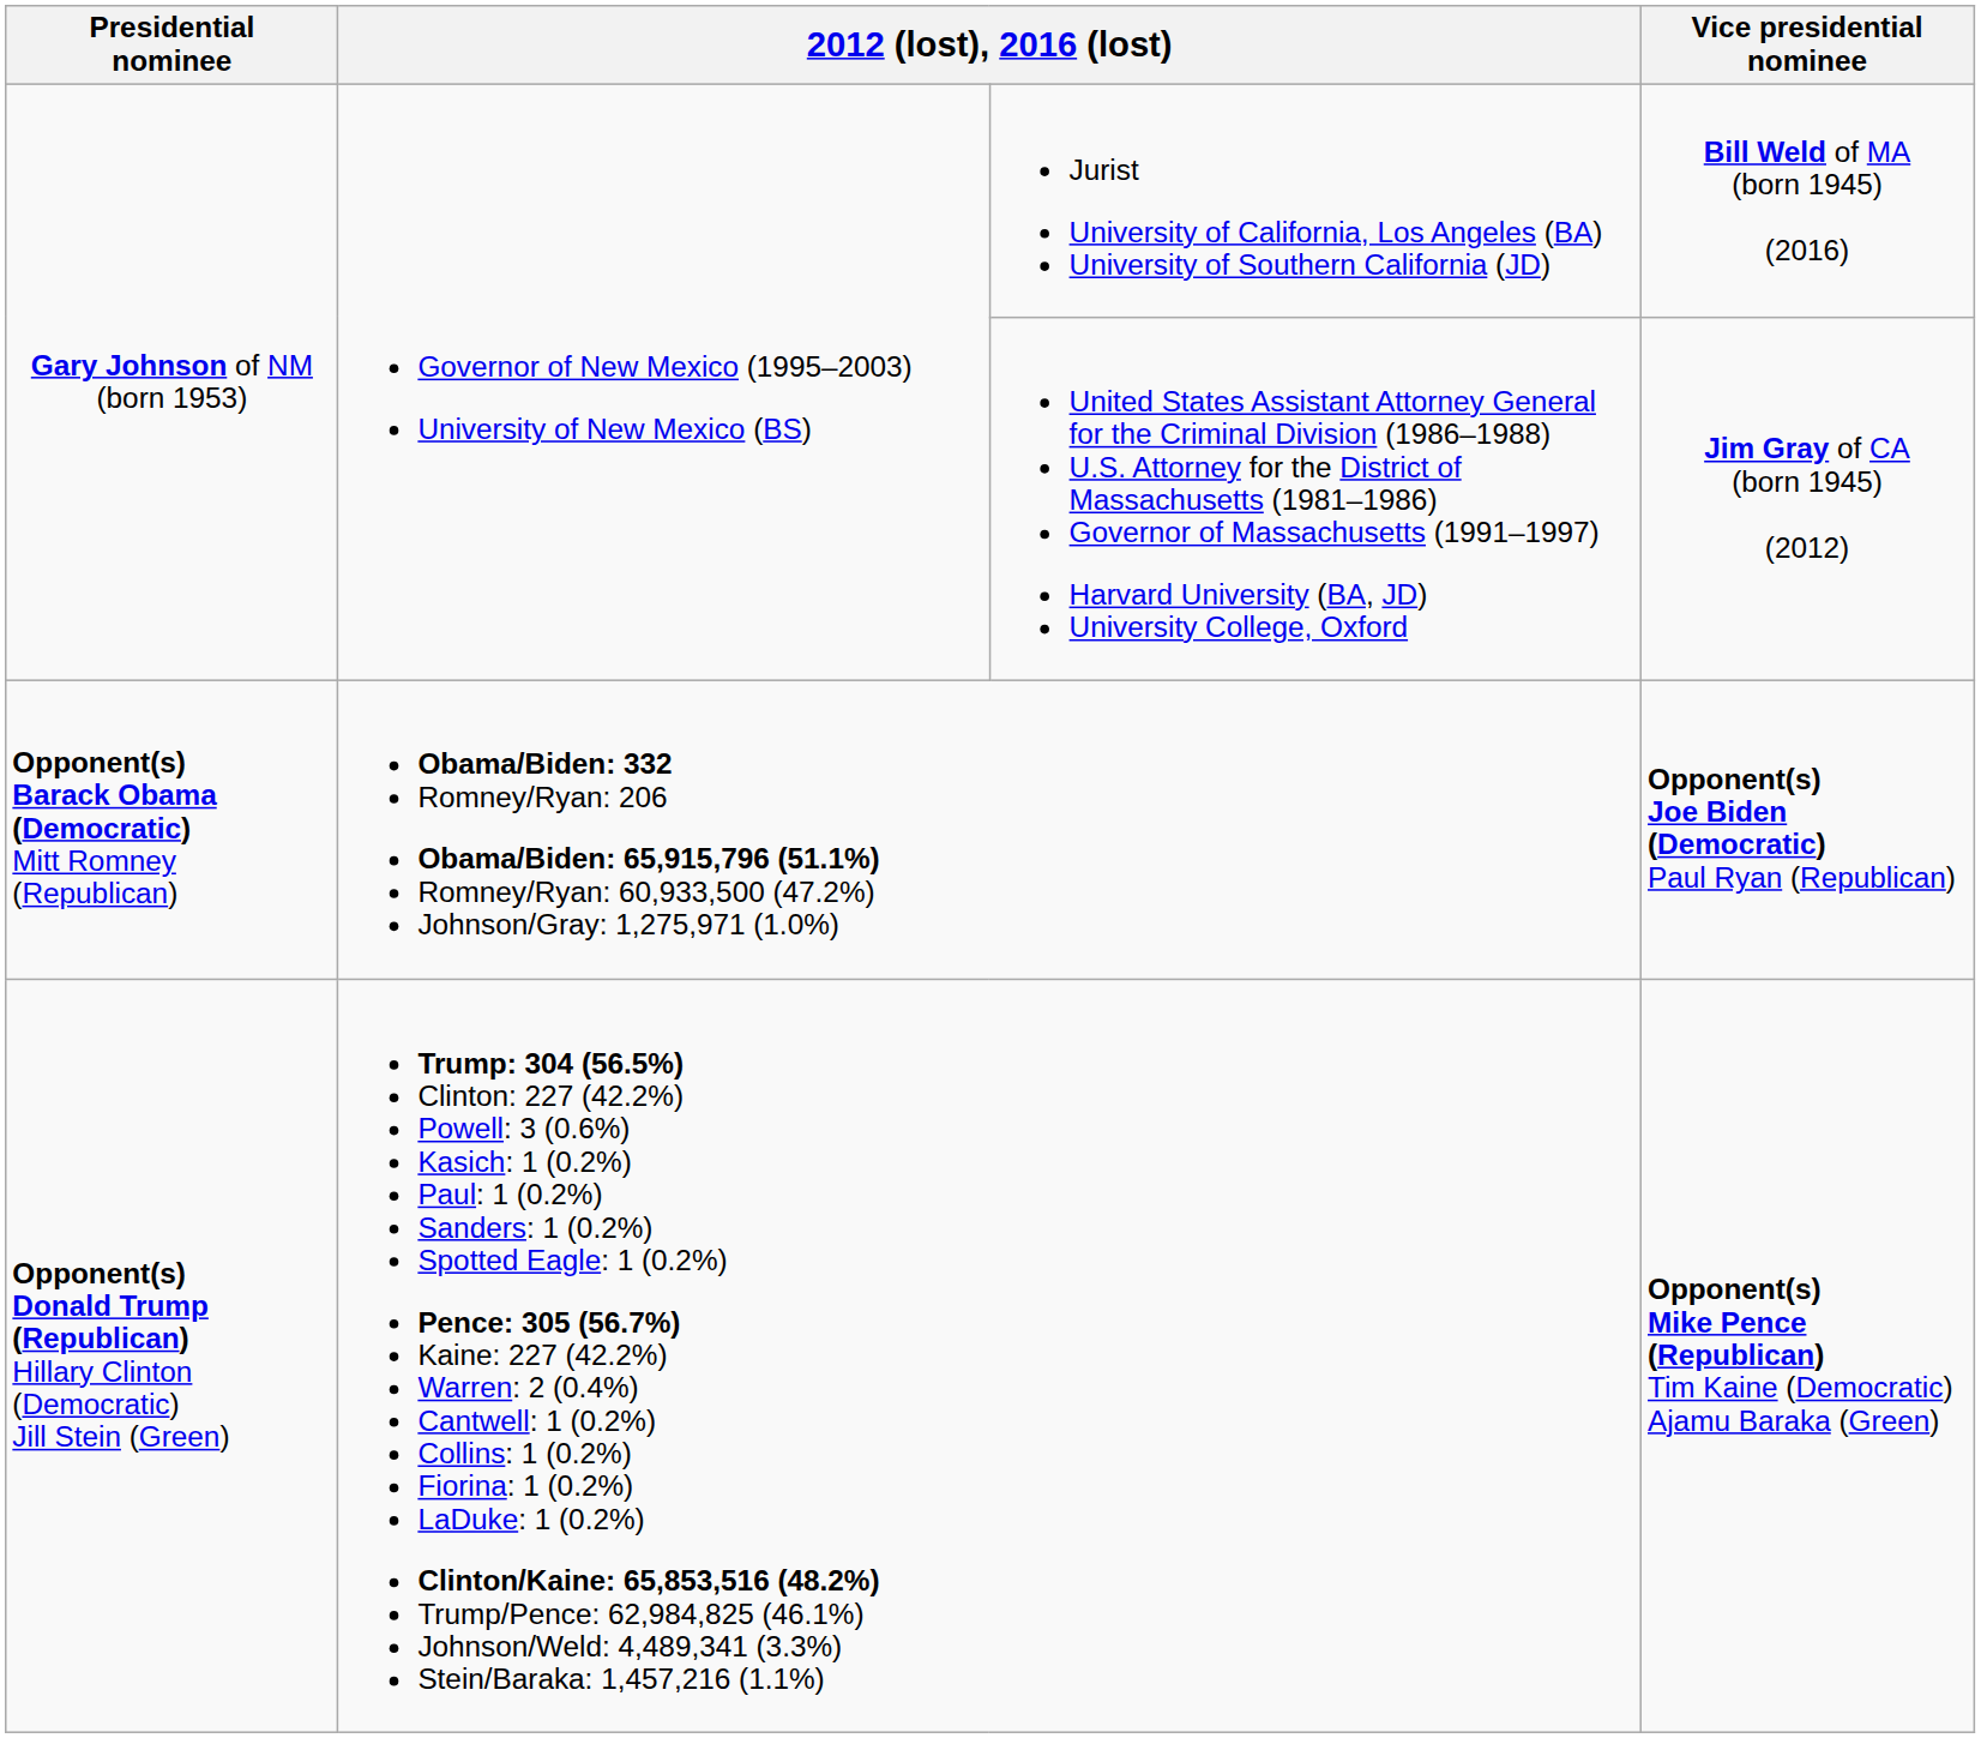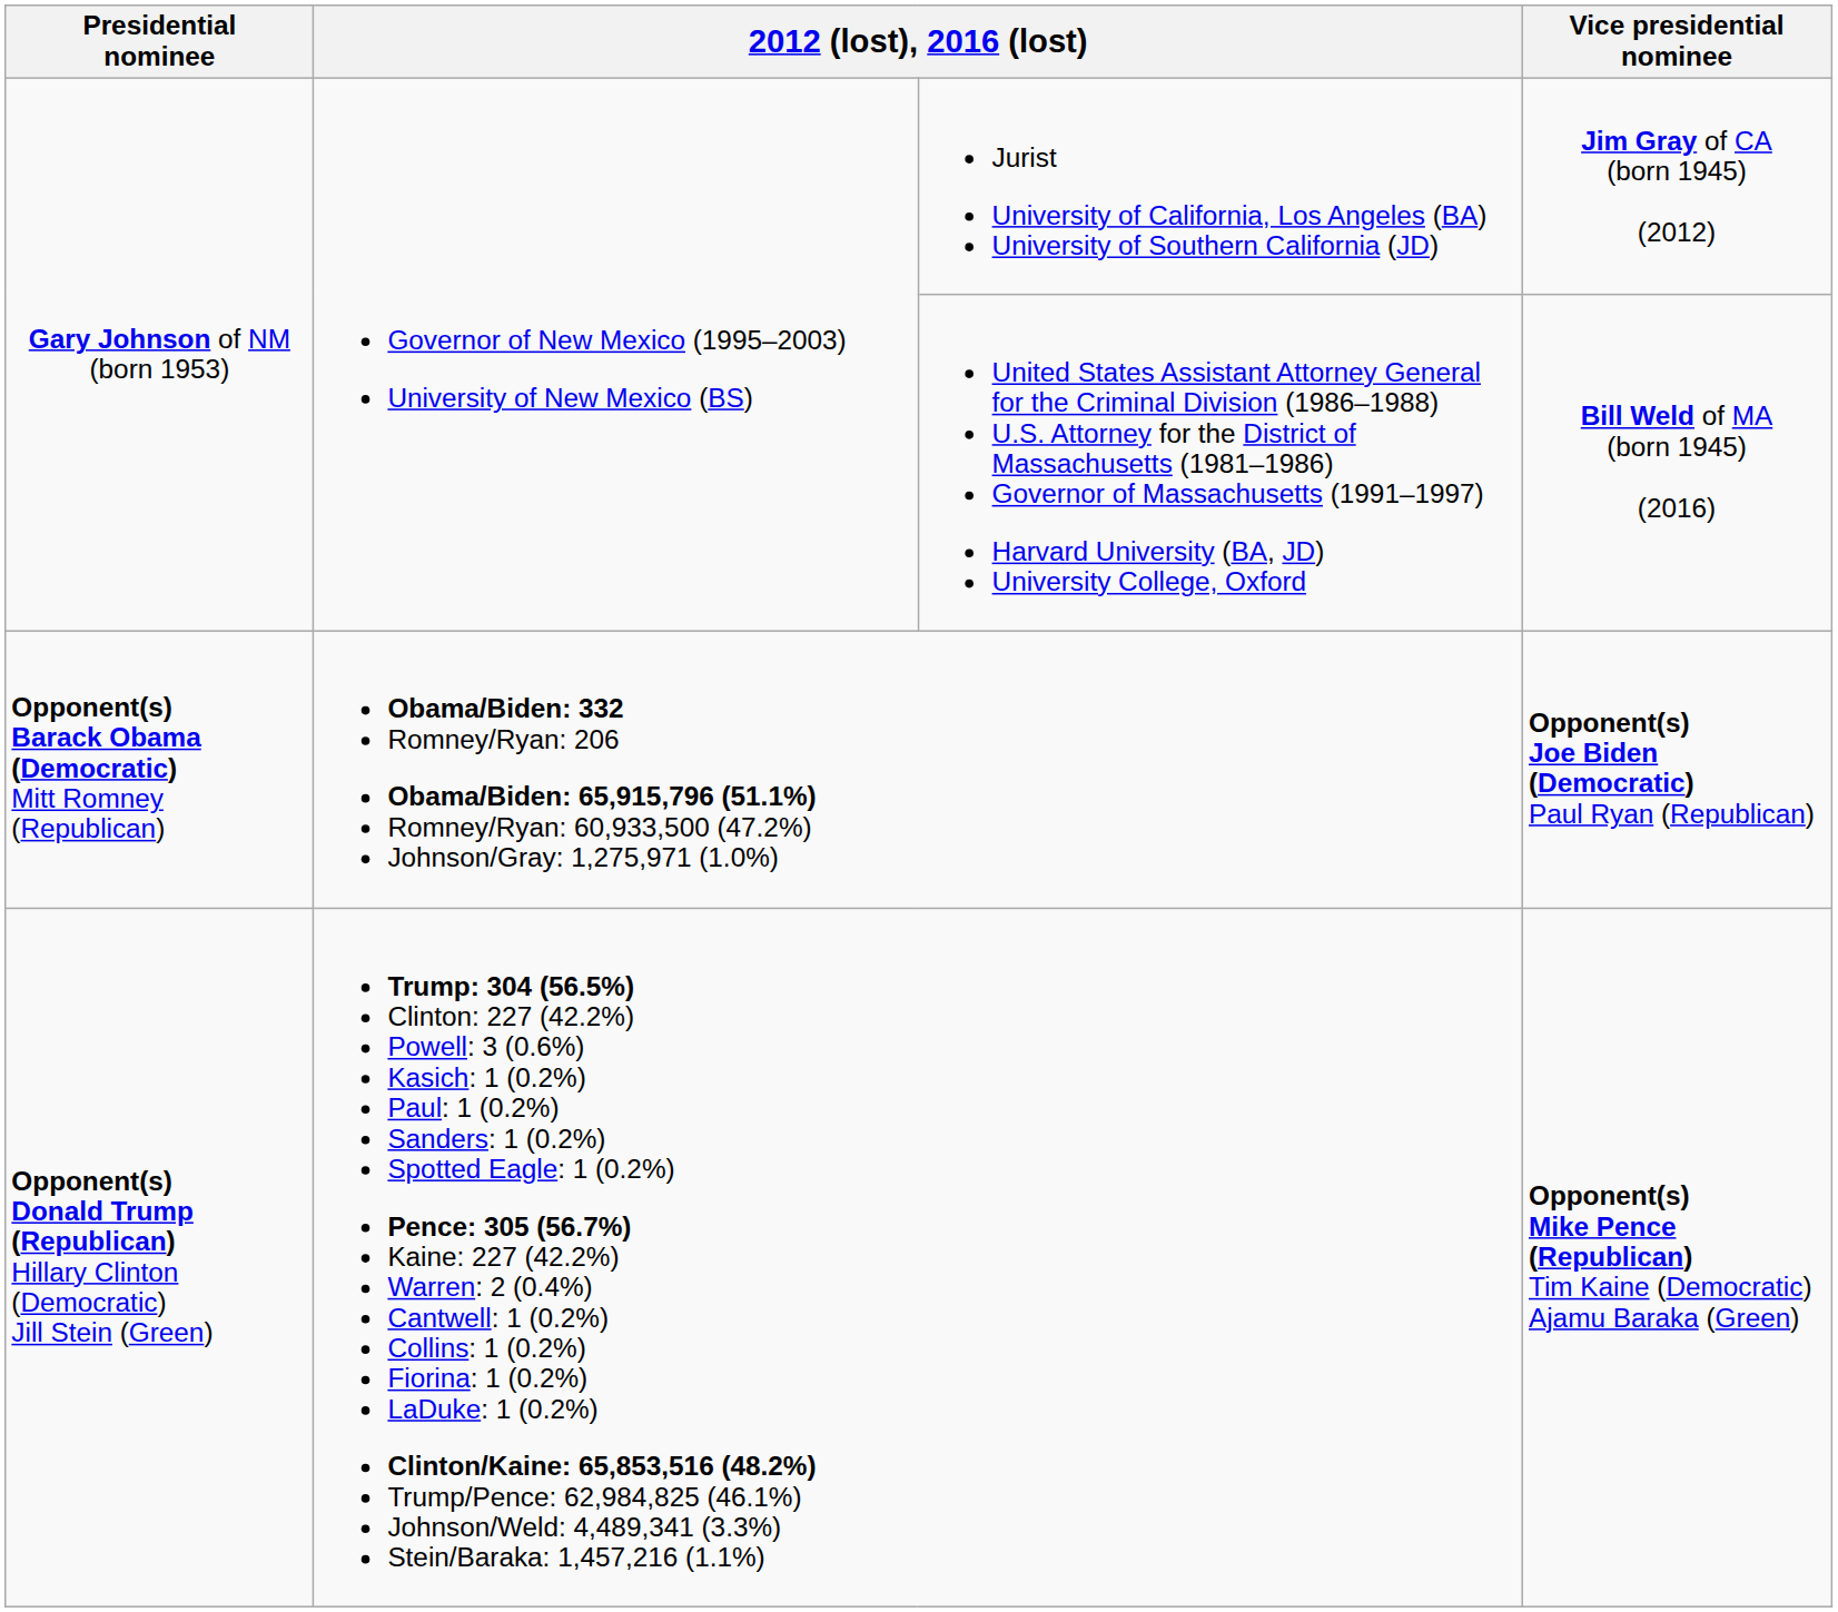 <table class="wikitable">
 <tr>
 <th width=175>Presidential<br>nominee</th>
 <th colspan=2><big><a href='#'>2012</a> (lost), <a href='#'>2016</a> (lost)</big></th>
 <th width=175>Vice presidential<br>nominee</th>
 </tr>
 <tr>
 <td rowspan=2 style="text-align:center;"><strong><a href='#'>Gary Johnson</a></strong> of <a href='#'>NM</a><br>(born 1953)<br></td>
 <td rowspan=2 width=350><br><ul><li><a href='#'>Governor of New Mexico</a> (1995–2003)</li></ul><ul><li><a href='#'>University of New Mexico</a> (<a href='#'>BS</a>)</li></ul></td>
 <td width=350><br><ul><li>Jurist</li></ul><ul><li><a href='#'>University of California, Los Angeles</a> (<a href='#'>BA</a>)</li><li><a href='#'>University of Southern California</a> (<a href='#'>JD</a>)</li></ul></td>
-<td style="text-align:center;"><strong><a href='#'>Bill Weld</a></strong> of <a href='#'>MA</a><br>(born 1945)<br><br>(2016)</td>
+<td style="text-align:center;"><strong><a href='#'>Jim Gray</a></strong> of <a href='#'>CA</a><br>(born 1945)<br><br>(2012)</td>
 </tr>
 <tr>
 <td width=350><br><ul><li><a href='#'>United States Assistant Attorney General for the Criminal Division</a> (1986–1988)</li><li><a href='#'>U.S. Attorney</a> for the <a href='#'>District of Massachusetts</a> (1981–1986)</li><li><a href='#'>Governor of Massachusetts</a> (1991–1997)</li></ul><ul><li><a href='#'>Harvard University</a> (<a href='#'>BA</a>, <a href='#'>JD</a>)</li><li><a href='#'>University College, Oxford</a></li></ul></td>
-<td style="text-align:center;"><strong><a href='#'>Jim Gray</a></strong> of <a href='#'>CA</a><br>(born 1945)<br><br>(2012)</td>
+<td style="text-align:center;"><strong><a href='#'>Bill Weld</a></strong> of <a href='#'>MA</a><br>(born 1945)<br><br>(2016)</td>
 </tr>
 <tr>
 <td><strong>Opponent(s)</strong><br><strong><a href='#'>Barack Obama</a> (<a href='#'>Democratic</a>)</strong><br><a href='#'>Mitt Romney</a> (<a href='#'>Republican</a>)</td>
 <td colspan=2><br><ul><li><strong>Obama/Biden: 332</strong></li><li>Romney/Ryan: 206</li></ul><ul><li><strong>Obama/Biden: 65,915,796 (51.1%)</strong></li><li>Romney/Ryan: 60,933,500 (47.2%)</li><li>Johnson/Gray: 1,275,971 (1.0%)</li></ul></td>
 <td><strong>Opponent(s)</strong><br><strong><a href='#'>Joe Biden</a> (<a href='#'>Democratic</a>)</strong><br><a href='#'>Paul Ryan</a> (<a href='#'>Republican</a>)</td>
 </tr>
 <tr>
 <td><strong>Opponent(s)</strong><br><strong><a href='#'>Donald Trump</a> (<a href='#'>Republican</a>)</strong><br><a href='#'>Hillary Clinton</a> (<a href='#'>Democratic</a>)<br><a href='#'>Jill Stein</a> (<a href='#'>Green</a>)</td>
 <td colspan=2><br><ul><li><strong>Trump: 304 (56.5%)</strong></li><li>Clinton: 227 (42.2%)</li><li><a href='#'>Powell</a>: 3 (0.6%)</li><li><a href='#'>Kasich</a>: 1 (0.2%)</li><li><a href='#'>Paul</a>: 1 (0.2%)</li><li><a href='#'>Sanders</a>: 1 (0.2%)</li><li><a href='#'>Spotted Eagle</a>: 1 (0.2%)</li></ul><ul><li><strong>Pence: 305 (56.7%)</strong></li><li>Kaine: 227 (42.2%)</li><li><a href='#'>Warren</a>: 2 (0.4%)</li><li><a href='#'>Cantwell</a>: 1 (0.2%)</li><li><a href='#'>Collins</a>: 1 (0.2%)</li><li><a href='#'>Fiorina</a>: 1 (0.2%)</li><li><a href='#'>LaDuke</a>: 1 (0.2%)</li></ul><ul><li><strong>Clinton/Kaine: 65,853,516 (48.2%)</strong></li><li>Trump/Pence: 62,984,825 (46.1%)</li><li>Johnson/Weld: 4,489,341 (3.3%)</li><li>Stein/Baraka: 1,457,216 (1.1%)</li></ul></td>
 <td><strong>Opponent(s)</strong><br><strong><a href='#'>Mike Pence</a> (<a href='#'>Republican</a>)</strong><br><a href='#'>Tim Kaine</a> (<a href='#'>Democratic</a>)<br><a href='#'>Ajamu Baraka</a> (<a href='#'>Green</a>)</td>
 </tr>
 </table>
